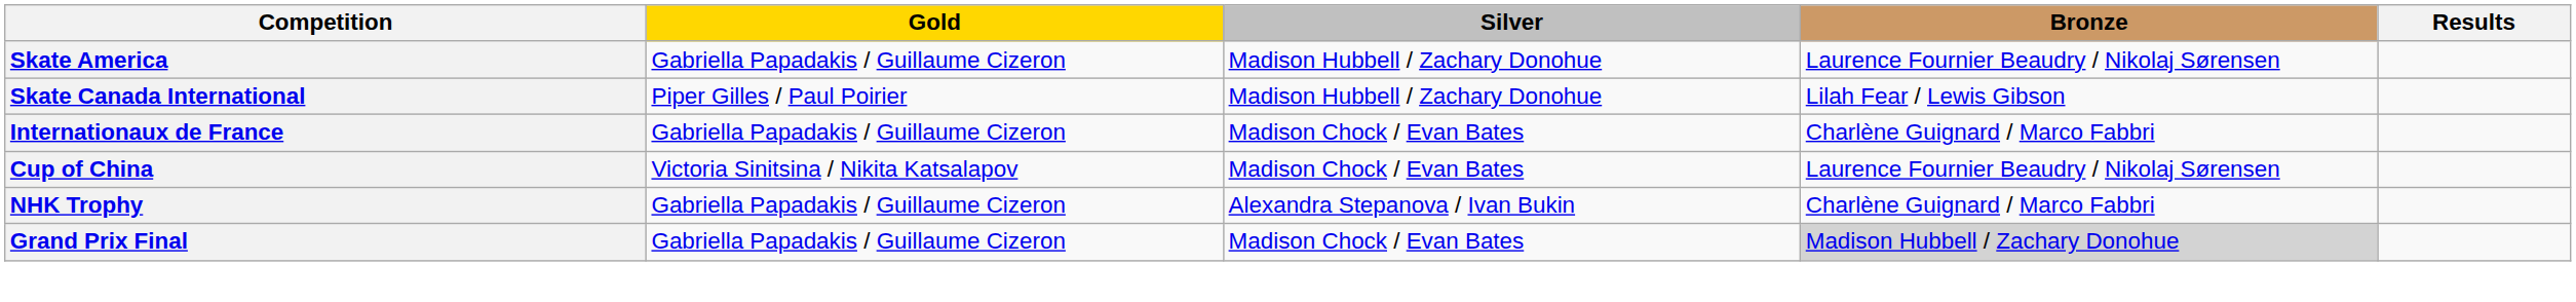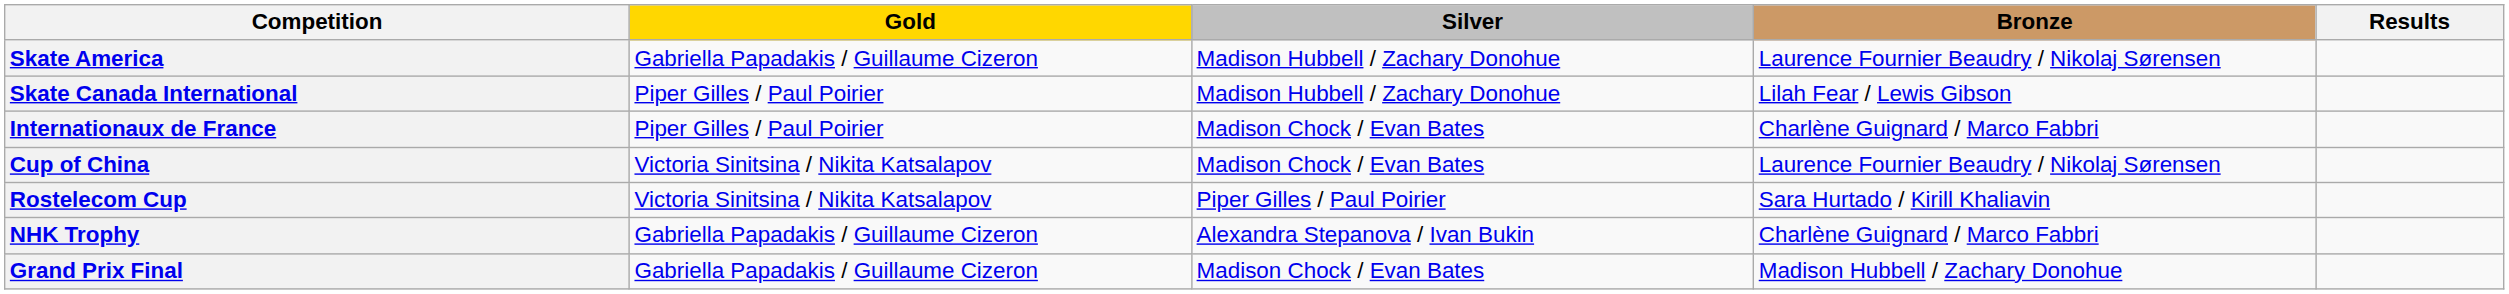 <table class="wikitable unsortable" style="text-align:left; width:90%;">
 <tr>
 <th scope="col" style="text-align:center; width:25%;">Competition</th>
 <td scope="col" style="text-align:center; width:22.5%; background:gold"><strong>Gold</strong></td>
 <td scope="col" style="text-align:center; width:22.5%; background:silver"><strong>Silver</strong></td>
 <td scope="col" style="text-align:center; width:22.5%; background:#c96"><strong>Bronze</strong></td>
 <th scope="col" style="text-align:center; width:7.5%;">Results</th>
 </tr>
 <tr>
 <th scope="row" style="text-align:left"> <a href='#'>Skate America</a></th>
 <td> <a href='#'>Gabriella Papadakis</a> / <a href='#'>Guillaume Cizeron</a></td>
 <td> <a href='#'>Madison Hubbell</a> / <a href='#'>Zachary Donohue</a></td>
 <td> <a href='#'>Laurence Fournier Beaudry</a> / <a href='#'>Nikolaj Sørensen</a></td>
 <td></td>
 </tr>
 <tr>
 <th scope="row" style="text-align:left"> <a href='#'>Skate Canada International</a></th>
 <td> <a href='#'>Piper Gilles</a> / <a href='#'>Paul Poirier</a></td>
 <td> <a href='#'>Madison Hubbell</a> / <a href='#'>Zachary Donohue</a></td>
 <td> <a href='#'>Lilah Fear</a> / <a href='#'>Lewis Gibson</a></td>
 <td></td>
 </tr>
 <tr>
 <th scope="row" style="text-align:left"> <a href='#'>Internationaux de France</a></th>
-<td> <a href='#'>Gabriella Papadakis</a> / <a href='#'>Guillaume Cizeron</a></td>
+<td> <a href='#'>Piper Gilles</a> / <a href='#'>Paul Poirier</a></td>
 <td> <a href='#'>Madison Chock</a> / <a href='#'>Evan Bates</a></td>
 <td> <a href='#'>Charlène Guignard</a> / <a href='#'>Marco Fabbri</a></td>
 <td></td>
 </tr>
 <tr>
 <th scope="row" style="text-align:left"> <a href='#'>Cup of China</a></th>
 <td> <a href='#'>Victoria Sinitsina</a> / <a href='#'>Nikita Katsalapov</a></td>
 <td> <a href='#'>Madison Chock</a> / <a href='#'>Evan Bates</a></td>
 <td> <a href='#'>Laurence Fournier Beaudry</a> / <a href='#'>Nikolaj Sørensen</a></td>
+<td></td>
+</tr>
+<tr>
+<th scope="row" style="text-align:left"> <a href='#'>Rostelecom Cup</a></th>
+<td> <a href='#'>Victoria Sinitsina</a> / <a href='#'>Nikita Katsalapov</a></td>
+<td> <a href='#'>Piper Gilles</a> / <a href='#'>Paul Poirier</a></td>
+<td> <a href='#'>Sara Hurtado</a> / <a href='#'>Kirill Khaliavin</a></td>
 <td></td>
 </tr>
 <tr>
 <th scope="row" style="text-align:left"> <a href='#'>NHK Trophy</a></th>
 <td> <a href='#'>Gabriella Papadakis</a> / <a href='#'>Guillaume Cizeron</a></td>
 <td> <a href='#'>Alexandra Stepanova</a> / <a href='#'>Ivan Bukin</a></td>
 <td> <a href='#'>Charlène Guignard</a> / <a href='#'>Marco Fabbri</a></td>
 <td></td>
 </tr>
 <tr>
 <th scope="row" style="text-align:left"> <a href='#'>Grand Prix Final</a></th>
 <td> <a href='#'>Gabriella Papadakis</a> / <a href='#'>Guillaume Cizeron</a></td>
 <td> <a href='#'>Madison Chock</a> / <a href='#'>Evan Bates</a></td>
-<td style="background: lightgrey;"> <a href='#'>Madison Hubbell</a> / <a href='#'>Zachary Donohue</a></td>
+<td> <a href='#'>Madison Hubbell</a> / <a href='#'>Zachary Donohue</a></td>
 <td></td>
 </tr>
 </table>
